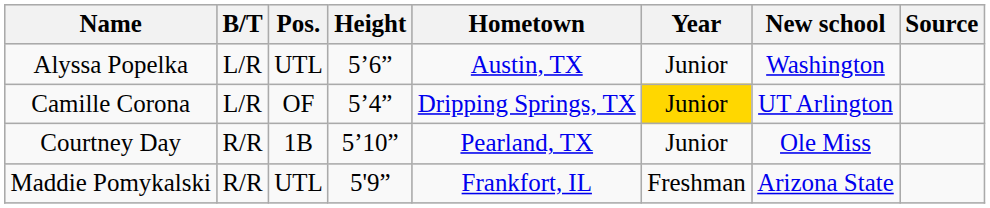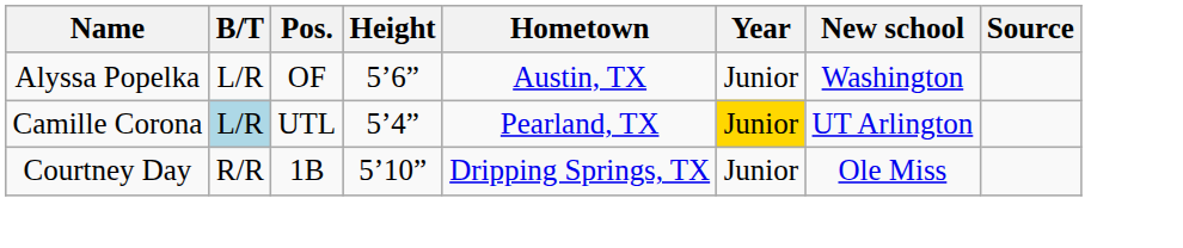 <table class="wikitable sortable">
 <tr>
 <th style="text-align:center; ">Name</th>
 <th style="text-align:center; ">B/T</th>
 <th style="text-align:center; ">Pos.</th>
 <th style="text-align:center; ">Height</th>
 <th style="text-align:center; ">Hometown</th>
 <th style="text-align:center; ">Year</th>
 <th style="text-align:center; ">New school</th>
 <th style="text-align:center; ">Source</th>
 </tr>
 <tr align="center">
 <td>Alyssa Popelka</td>
 <td>L/R</td>
-<td>UTL</td>
+<td>OF</td>
 <td>5’6”</td>
 <td><a href='#'>Austin, TX</a></td>
 <td>Junior</td>
 <td><a href='#'>Washington</a></td>
 <td></td>
 </tr>
 <tr align="center">
 <td>Camille Corona</td>
-<td>L/R</td>
-<td>OF</td>
+<td style="background: lightblue;">L/R</td>
+<td>UTL</td>
 <td>5’4”</td>
-<td><a href='#'>Dripping Springs, TX</a></td>
+<td><a href='#'>Pearland, TX</a></td>
 <td style="background: gold;">Junior</td>
 <td><a href='#'>UT Arlington</a></td>
 <td></td>
 </tr>
 <tr align="center">
 <td>Courtney Day</td>
 <td>R/R</td>
 <td>1B</td>
 <td>5’10”</td>
-<td><a href='#'>Pearland, TX</a></td>
+<td><a href='#'>Dripping Springs, TX</a></td>
 <td>Junior</td>
 <td><a href='#'>Ole Miss</a></td>
 <td></td>
 </tr>
-<tr align="center">
-<td>Maddie Pomykalski</td>
-<td>R/R</td>
-<td>UTL</td>
-<td>5'9”</td>
-<td><a href='#'>Frankfort, IL</a></td>
-<td>Freshman</td>
-<td><a href='#'>Arizona State</a></td>
-<td></td>
-</tr>
 </table>
